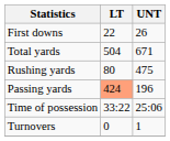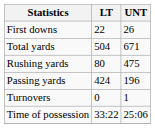 <table class="wikitable">
 <tr>
 <th>Statistics</th>
 <th>LT</th>
 <th>UNT</th>
 </tr>
 <tr>
 <td>First downs</td>
 <td>22</td>
 <td>26</td>
 </tr>
 <tr>
 <td>Total yards</td>
 <td>504</td>
 <td>671</td>
 </tr>
 <tr>
 <td>Rushing yards</td>
 <td>80</td>
 <td>475</td>
 </tr>
 <tr>
 <td>Passing yards</td>
-<td style="background: lightsalmon;">424</td>
+<td>424</td>
 <td>196</td>
+</tr>
+<tr>
+<td>Turnovers</td>
+<td>0</td>
+<td>1</td>
 </tr>
 <tr>
 <td>Time of possession</td>
 <td>33:22</td>
 <td>25:06</td>
 </tr>
 <tr>
-<td>Turnovers</td>
-<td>0</td>
-<td>1</td>
-</tr>
-<tr>
 </tr>
 </table>
